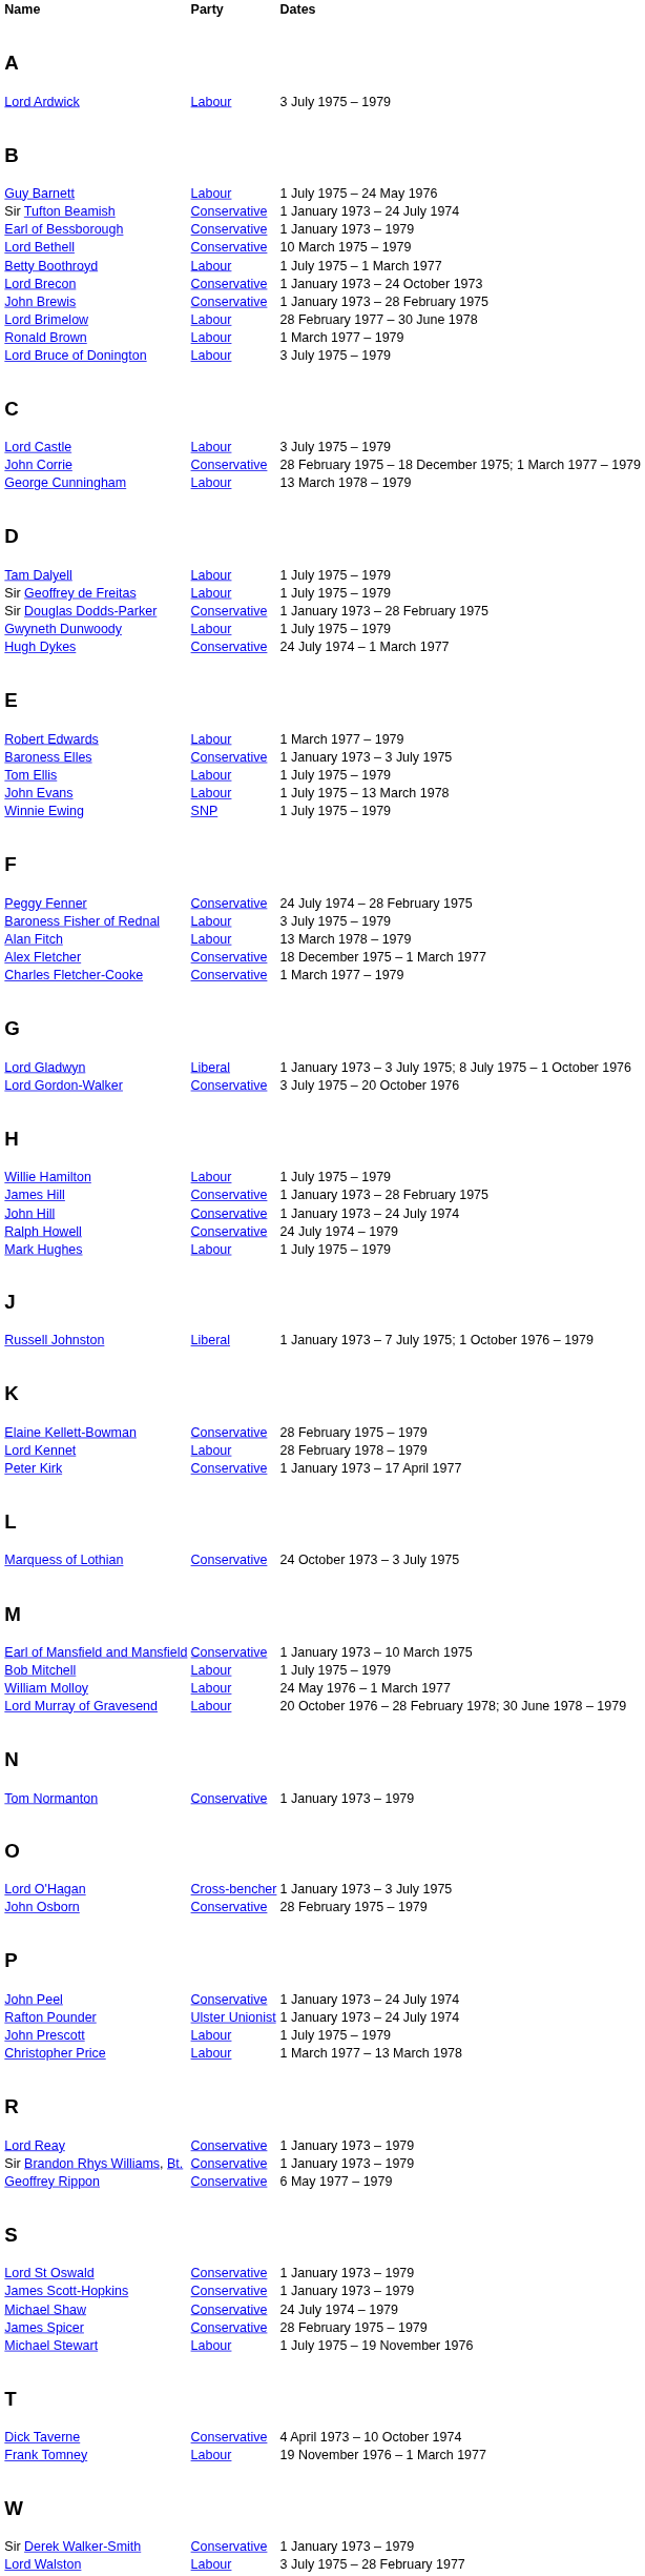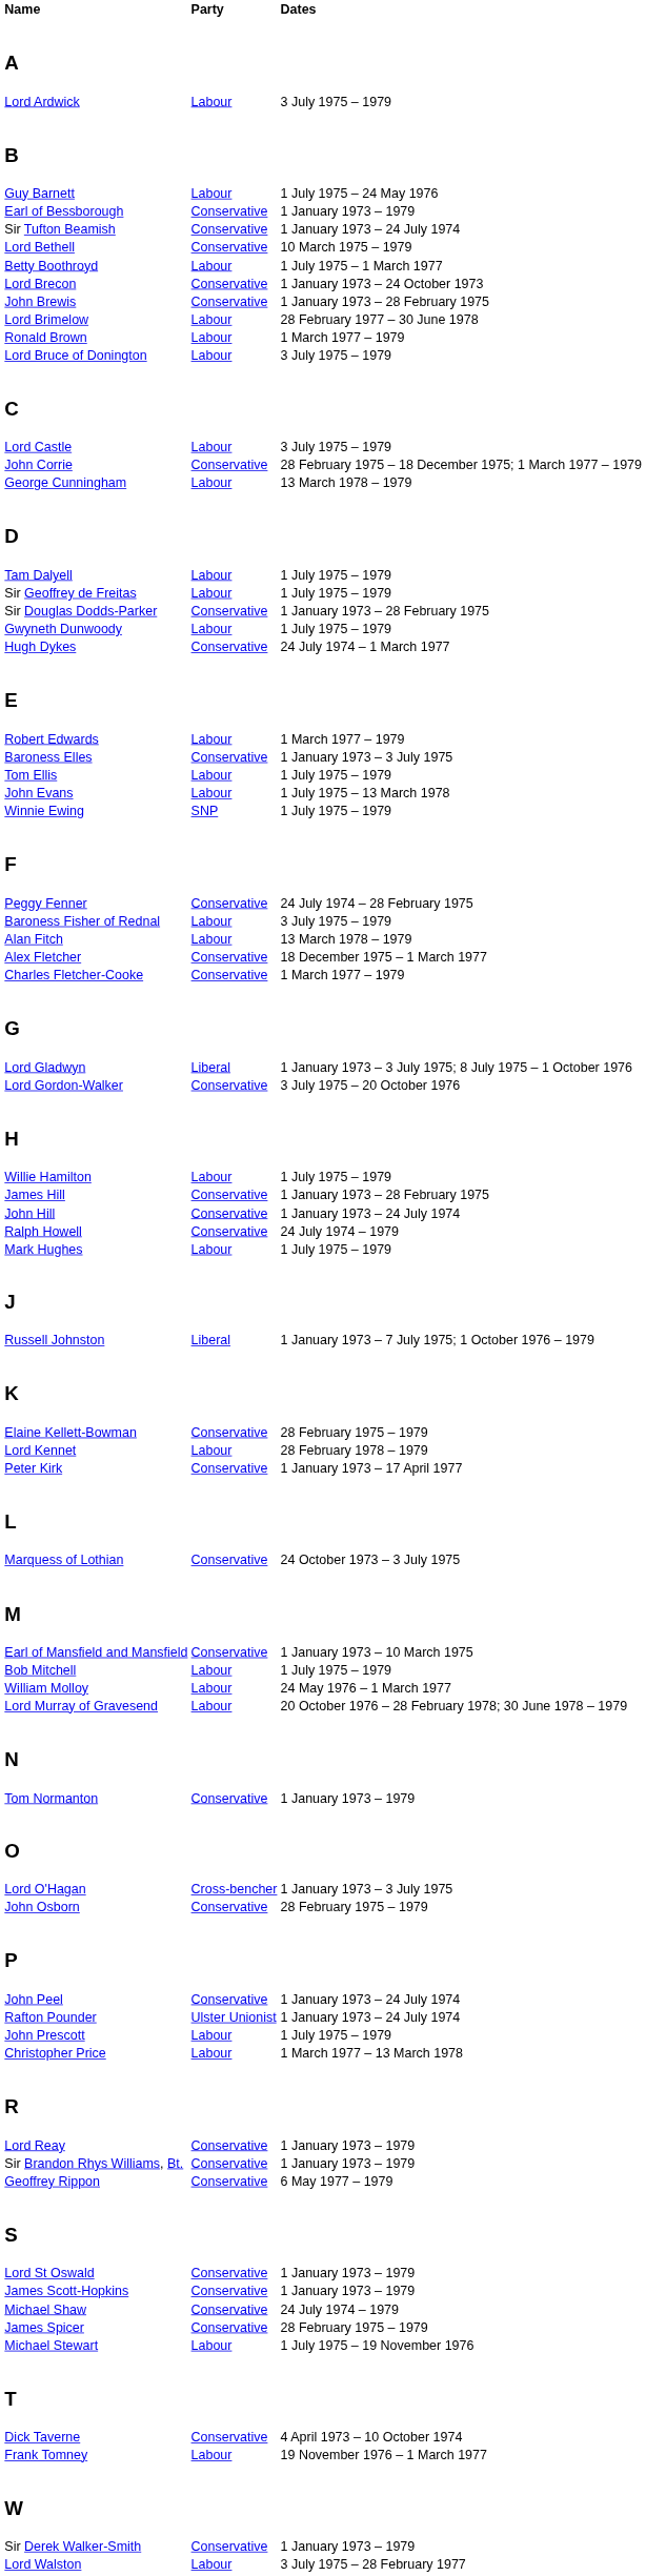 <table>
 <tr>
 <td><strong>Name</strong></td>
 <td><strong>Party</strong></td>
 <td><strong>Dates</strong></td>
 </tr>
 <tr>
 <td colspan=3><br><h2>A</h2></td>
 </tr>
 <tr>
 <td><a href='#'>Lord Ardwick</a></td>
 <td><a href='#'>Labour</a></td>
 <td>3 July 1975 – 1979</td>
 </tr>
 <tr>
 <td colspan=3><br><h2>B</h2></td>
 </tr>
 <tr>
 <td><a href='#'>Guy Barnett</a></td>
 <td><a href='#'>Labour</a></td>
 <td>1 July 1975 – 24 May 1976</td>
 </tr>
 <tr>
+<td><a href='#'>Earl of Bessborough</a></td>
+<td><a href='#'>Conservative</a></td>
+<td>1 January 1973 – 1979</td>
+</tr>
+<tr>
 <td>Sir <a href='#'>Tufton Beamish</a></td>
 <td><a href='#'>Conservative</a></td>
 <td>1 January 1973 – 24 July 1974</td>
-</tr>
-<tr>
-<td><a href='#'>Earl of Bessborough</a></td>
-<td><a href='#'>Conservative</a></td>
-<td>1 January 1973 – 1979</td>
 </tr>
 <tr>
 <td><a href='#'>Lord Bethell</a></td>
 <td><a href='#'>Conservative</a></td>
 <td>10 March 1975 – 1979</td>
 </tr>
 <tr>
 <td><a href='#'>Betty Boothroyd</a></td>
 <td><a href='#'>Labour</a></td>
 <td>1 July 1975 – 1 March 1977</td>
 </tr>
 <tr>
 <td><a href='#'>Lord Brecon</a></td>
 <td><a href='#'>Conservative</a></td>
 <td>1 January 1973 – 24 October 1973</td>
 </tr>
 <tr>
 <td><a href='#'>John Brewis</a></td>
 <td><a href='#'>Conservative</a></td>
 <td>1 January 1973 – 28 February 1975</td>
 </tr>
 <tr>
 <td><a href='#'>Lord Brimelow</a></td>
 <td><a href='#'>Labour</a></td>
 <td>28 February 1977 – 30 June 1978</td>
 </tr>
 <tr>
 <td><a href='#'>Ronald Brown</a></td>
 <td><a href='#'>Labour</a></td>
 <td>1 March 1977 – 1979</td>
 </tr>
 <tr>
 <td><a href='#'>Lord Bruce of Donington</a></td>
 <td><a href='#'>Labour</a></td>
 <td>3 July 1975 – 1979</td>
 </tr>
 <tr>
 <td colspan=3><br><h2>C</h2></td>
 </tr>
 <tr>
 <td><a href='#'>Lord Castle</a></td>
 <td><a href='#'>Labour</a></td>
 <td>3 July 1975 – 1979</td>
 </tr>
 <tr>
 <td><a href='#'>John Corrie</a></td>
 <td><a href='#'>Conservative</a></td>
 <td>28 February 1975 – 18 December 1975; 1 March 1977 – 1979</td>
 </tr>
 <tr>
 <td><a href='#'>George Cunningham</a></td>
 <td><a href='#'>Labour</a></td>
 <td>13 March 1978 – 1979</td>
 </tr>
 <tr>
 <td colspan=3><br><h2>D</h2></td>
 </tr>
 <tr>
 <td><a href='#'>Tam Dalyell</a></td>
 <td><a href='#'>Labour</a></td>
 <td>1 July 1975 – 1979</td>
 </tr>
 <tr>
 <td>Sir <a href='#'>Geoffrey de Freitas</a></td>
 <td><a href='#'>Labour</a></td>
 <td>1 July 1975 – 1979</td>
 </tr>
 <tr>
 <td>Sir <a href='#'>Douglas Dodds-Parker</a></td>
 <td><a href='#'>Conservative</a></td>
 <td>1 January 1973 – 28 February 1975</td>
 </tr>
 <tr>
 <td><a href='#'>Gwyneth Dunwoody</a></td>
 <td><a href='#'>Labour</a></td>
 <td>1 July 1975 – 1979</td>
 </tr>
 <tr>
 <td><a href='#'>Hugh Dykes</a></td>
 <td><a href='#'>Conservative</a></td>
 <td>24 July 1974 – 1 March 1977</td>
 </tr>
 <tr>
 <td colspan=3><br><h2>E</h2></td>
 </tr>
 <tr>
 <td><a href='#'>Robert Edwards</a></td>
 <td><a href='#'>Labour</a></td>
 <td>1 March 1977 – 1979</td>
 </tr>
 <tr>
 <td><a href='#'>Baroness Elles</a></td>
 <td><a href='#'>Conservative</a></td>
 <td>1 January 1973 – 3 July 1975</td>
 </tr>
 <tr>
 <td><a href='#'>Tom Ellis</a></td>
 <td><a href='#'>Labour</a></td>
 <td>1 July 1975 – 1979</td>
 </tr>
 <tr>
 <td><a href='#'>John Evans</a></td>
 <td><a href='#'>Labour</a></td>
 <td>1 July 1975 – 13 March 1978</td>
 </tr>
 <tr>
 <td><a href='#'>Winnie Ewing</a></td>
 <td><a href='#'>SNP</a></td>
 <td>1 July 1975 – 1979</td>
 </tr>
 <tr>
 <td colspan=3><br><h2>F</h2></td>
 </tr>
 <tr>
 <td><a href='#'>Peggy Fenner</a></td>
 <td><a href='#'>Conservative</a></td>
 <td>24 July 1974 – 28 February 1975</td>
 </tr>
 <tr>
 <td><a href='#'>Baroness Fisher of Rednal</a></td>
 <td><a href='#'>Labour</a></td>
 <td>3 July 1975 – 1979</td>
 </tr>
 <tr>
 <td><a href='#'>Alan Fitch</a></td>
 <td><a href='#'>Labour</a></td>
 <td>13 March 1978 – 1979</td>
 </tr>
 <tr>
 <td><a href='#'>Alex Fletcher</a></td>
 <td><a href='#'>Conservative</a></td>
 <td>18 December 1975 – 1 March 1977</td>
 </tr>
 <tr>
 <td><a href='#'>Charles Fletcher-Cooke</a></td>
 <td><a href='#'>Conservative</a></td>
 <td>1 March 1977 – 1979</td>
 </tr>
 <tr>
 <td colspan=3><br><h2>G</h2></td>
 </tr>
 <tr>
 <td><a href='#'>Lord Gladwyn</a></td>
 <td><a href='#'>Liberal</a></td>
 <td>1 January 1973 – 3 July 1975; 8 July 1975 – 1 October 1976</td>
 </tr>
 <tr>
 <td><a href='#'>Lord Gordon-Walker</a></td>
 <td><a href='#'>Conservative</a></td>
 <td>3 July 1975 – 20 October 1976</td>
 </tr>
 <tr>
 <td colspan=3><br><h2>H</h2></td>
 </tr>
 <tr>
 <td><a href='#'>Willie Hamilton</a></td>
 <td><a href='#'>Labour</a></td>
 <td>1 July 1975 – 1979</td>
 </tr>
 <tr>
 <td><a href='#'>James Hill</a></td>
 <td><a href='#'>Conservative</a></td>
 <td>1 January 1973 – 28 February 1975</td>
 </tr>
 <tr>
 <td><a href='#'>John Hill</a></td>
 <td><a href='#'>Conservative</a></td>
 <td>1 January 1973 – 24 July 1974</td>
 </tr>
 <tr>
 <td><a href='#'>Ralph Howell</a></td>
 <td><a href='#'>Conservative</a></td>
 <td>24 July 1974 – 1979</td>
 </tr>
 <tr>
 <td><a href='#'>Mark Hughes</a></td>
 <td><a href='#'>Labour</a></td>
 <td>1 July 1975 – 1979</td>
 </tr>
 <tr>
 <td colspan=3><br><h2>J</h2></td>
 </tr>
 <tr>
 <td><a href='#'>Russell Johnston</a></td>
 <td><a href='#'>Liberal</a></td>
 <td>1 January 1973 – 7 July 1975; 1 October 1976 – 1979</td>
 </tr>
 <tr>
 <td colspan=3><br><h2>K</h2></td>
 </tr>
 <tr>
 <td><a href='#'>Elaine Kellett-Bowman</a></td>
 <td><a href='#'>Conservative</a></td>
 <td>28 February 1975 – 1979</td>
 </tr>
 <tr>
 <td><a href='#'>Lord Kennet</a></td>
 <td><a href='#'>Labour</a></td>
 <td>28 February 1978 – 1979</td>
 </tr>
 <tr>
 <td><a href='#'>Peter Kirk</a></td>
 <td><a href='#'>Conservative</a></td>
 <td>1 January 1973 – 17 April 1977</td>
 </tr>
 <tr>
 <td colspan=3><br><h2>L</h2></td>
 </tr>
 <tr>
 <td><a href='#'>Marquess of Lothian</a></td>
 <td><a href='#'>Conservative</a></td>
 <td>24 October 1973 – 3 July 1975</td>
 </tr>
 <tr>
 <td colspan=3><br><h2>M</h2></td>
 </tr>
 <tr>
 <td><a href='#'>Earl of Mansfield and Mansfield</a></td>
 <td><a href='#'>Conservative</a></td>
 <td>1 January 1973 – 10 March 1975</td>
 </tr>
 <tr>
 <td><a href='#'>Bob Mitchell</a></td>
 <td><a href='#'>Labour</a></td>
 <td>1 July 1975 – 1979</td>
 </tr>
 <tr>
 <td><a href='#'>William Molloy</a></td>
 <td><a href='#'>Labour</a></td>
 <td>24 May 1976 – 1 March 1977</td>
 </tr>
 <tr>
 <td><a href='#'>Lord Murray of Gravesend</a></td>
 <td><a href='#'>Labour</a></td>
 <td>20 October 1976 – 28 February 1978; 30 June 1978 – 1979</td>
 </tr>
 <tr>
 <td colspan=3><br><h2>N</h2></td>
 </tr>
 <tr>
 <td><a href='#'>Tom Normanton</a></td>
 <td><a href='#'>Conservative</a></td>
 <td>1 January 1973 – 1979</td>
 </tr>
 <tr>
 <td colspan=3><br><h2>O</h2></td>
 </tr>
 <tr>
 <td><a href='#'>Lord O'Hagan</a></td>
 <td><a href='#'>Cross-bencher</a></td>
 <td>1 January 1973 – 3 July 1975</td>
 </tr>
 <tr>
 <td><a href='#'>John Osborn</a></td>
 <td><a href='#'>Conservative</a></td>
 <td>28 February 1975 – 1979</td>
 </tr>
 <tr>
 <td colspan=3><br><h2>P</h2></td>
 </tr>
 <tr>
 <td><a href='#'>John Peel</a></td>
 <td><a href='#'>Conservative</a></td>
 <td>1 January 1973 – 24 July 1974</td>
 </tr>
 <tr>
 <td><a href='#'>Rafton Pounder</a></td>
 <td><a href='#'>Ulster Unionist</a></td>
 <td>1 January 1973 – 24 July 1974</td>
 </tr>
 <tr>
 <td><a href='#'>John Prescott</a></td>
 <td><a href='#'>Labour</a></td>
 <td>1 July 1975 – 1979</td>
 </tr>
 <tr>
 <td><a href='#'>Christopher Price</a></td>
 <td><a href='#'>Labour</a></td>
 <td>1 March 1977 – 13 March 1978</td>
 </tr>
 <tr>
 <td colspan=3><br><h2>R</h2></td>
 </tr>
 <tr>
 <td><a href='#'>Lord Reay</a></td>
 <td><a href='#'>Conservative</a></td>
 <td>1 January 1973 – 1979</td>
 </tr>
 <tr>
 <td>Sir <a href='#'>Brandon Rhys Williams</a>, <a href='#'>Bt.</a></td>
 <td><a href='#'>Conservative</a></td>
 <td>1 January 1973 – 1979</td>
 </tr>
 <tr>
 <td><a href='#'>Geoffrey Rippon</a></td>
 <td><a href='#'>Conservative</a></td>
 <td>6 May 1977 – 1979</td>
 </tr>
 <tr>
 <td colspan=3><br><h2>S</h2></td>
 </tr>
 <tr>
 <td><a href='#'>Lord St Oswald</a></td>
 <td><a href='#'>Conservative</a></td>
 <td>1 January 1973 – 1979</td>
 </tr>
 <tr>
 <td><a href='#'>James Scott-Hopkins</a></td>
 <td><a href='#'>Conservative</a></td>
 <td>1 January 1973 – 1979</td>
 </tr>
 <tr>
 <td><a href='#'>Michael Shaw</a></td>
 <td><a href='#'>Conservative</a></td>
 <td>24 July 1974 – 1979</td>
 </tr>
 <tr>
 <td><a href='#'>James Spicer</a></td>
 <td><a href='#'>Conservative</a></td>
 <td>28 February 1975 – 1979</td>
 </tr>
 <tr>
 <td><a href='#'>Michael Stewart</a></td>
 <td><a href='#'>Labour</a></td>
 <td>1 July 1975 – 19 November 1976</td>
 </tr>
 <tr>
 <td colspan=3><br><h2>T</h2></td>
 </tr>
 <tr>
 <td><a href='#'>Dick Taverne</a></td>
 <td><a href='#'>Conservative</a></td>
 <td>4 April 1973 – 10 October 1974</td>
 </tr>
 <tr>
 <td><a href='#'>Frank Tomney</a></td>
 <td><a href='#'>Labour</a></td>
 <td>19 November 1976 – 1 March 1977</td>
 </tr>
 <tr>
 <td colspan=3><br><h2>W</h2></td>
 </tr>
 <tr>
 <td>Sir <a href='#'>Derek Walker-Smith</a></td>
 <td><a href='#'>Conservative</a></td>
 <td>1 January 1973 – 1979</td>
 </tr>
 <tr>
 <td><a href='#'>Lord Walston</a></td>
 <td><a href='#'>Labour</a></td>
 <td>3 July 1975 – 28 February 1977</td>
 </tr>
 </table>
